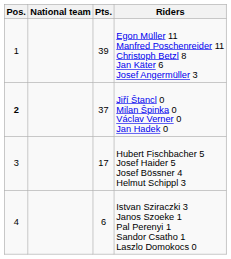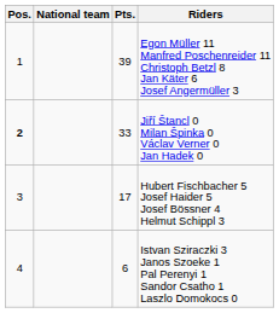 <table class=wikitable style="font-size:93%;">
 <tr>
 <th>Pos.</th>
 <th>National team</th>
 <th>Pts.</th>
 <th>Riders</th>
 </tr>
 <tr align=center >
 <td>1</td>
 <td align=left></td>
 <td>39</td>
 <td align=left><br><a href='#'>Egon Müller</a> 11<br> <a href='#'>Manfred Poschenreider</a> 11<br> <a href='#'>Christoph Betzl</a> 8<br> <a href='#'>Jan Käter</a> 6<br> <a href='#'>Josef Angermüller</a> 3</td>
 </tr>
 <tr align=center >
 <td><strong>2</strong></td>
 <td align=left></td>
-<td>37</td>
+<td>33</td>
 <td align=left><br><a href='#'>Jiří Štancl</a> 0<br> <a href='#'>Milan Špinka</a> 0<br> <a href='#'>Václav Verner</a> 0<br> <a href='#'>Jan Hadek</a> 0</td>
 </tr>
 <tr align=center>
 <td>3</td>
 <td align=left></td>
 <td>17</td>
 <td align=left><br>Hubert Fischbacher 5<br> Josef Haider 5<br> Josef Bössner 4<br> Helmut Schippl 3</td>
 </tr>
 <tr align=center>
 <td>4</td>
 <td align=left></td>
 <td>6</td>
 <td align=left><br>Istvan Sziraczki 3<br> Janos Szoeke 1<br> Pal Perenyi 1<br> Sandor Csatho 1<br> Laszlo Domokocs 0</td>
 </tr>
 </table>
